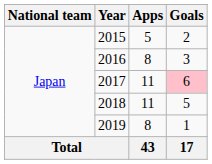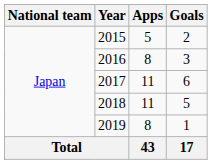 <table class="wikitable" style="text-align:center">
 <tr>
 <th>National team</th>
 <th>Year</th>
 <th>Apps</th>
 <th>Goals</th>
 </tr>
 <tr>
 <td rowspan="5"><a href='#'>Japan</a></td>
 <td>2015</td>
 <td>5</td>
 <td>2</td>
 </tr>
 <tr>
 <td>2016</td>
 <td>8</td>
 <td>3</td>
 </tr>
 <tr>
 <td>2017</td>
 <td>11</td>
-<td style="background: pink;">6</td>
+<td>6</td>
 </tr>
 <tr>
 <td>2018</td>
 <td>11</td>
 <td>5</td>
 </tr>
 <tr>
 <td>2019</td>
 <td>8</td>
 <td>1</td>
 </tr>
 <tr>
 <th colspan="2">Total</th>
 <th>43</th>
 <th>17</th>
 </tr>
 </table>
